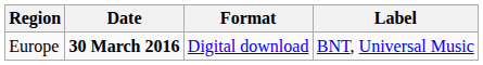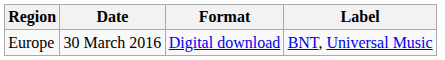 <table class=wikitable>
 <tr>
 <th>Region</th>
 <th>Date</th>
 <th>Format</th>
 <th>Label</th>
 </tr>
 <tr>
 <td>Europe</td>
-<td><strong>30 March 2016</strong></td>
+<td>30 March 2016</td>
 <td><a href='#'>Digital download</a></td>
 <td><a href='#'>BNT</a>, <a href='#'>Universal Music</a></td>
 </tr>
 <tr>
 </tr>
 </table>
